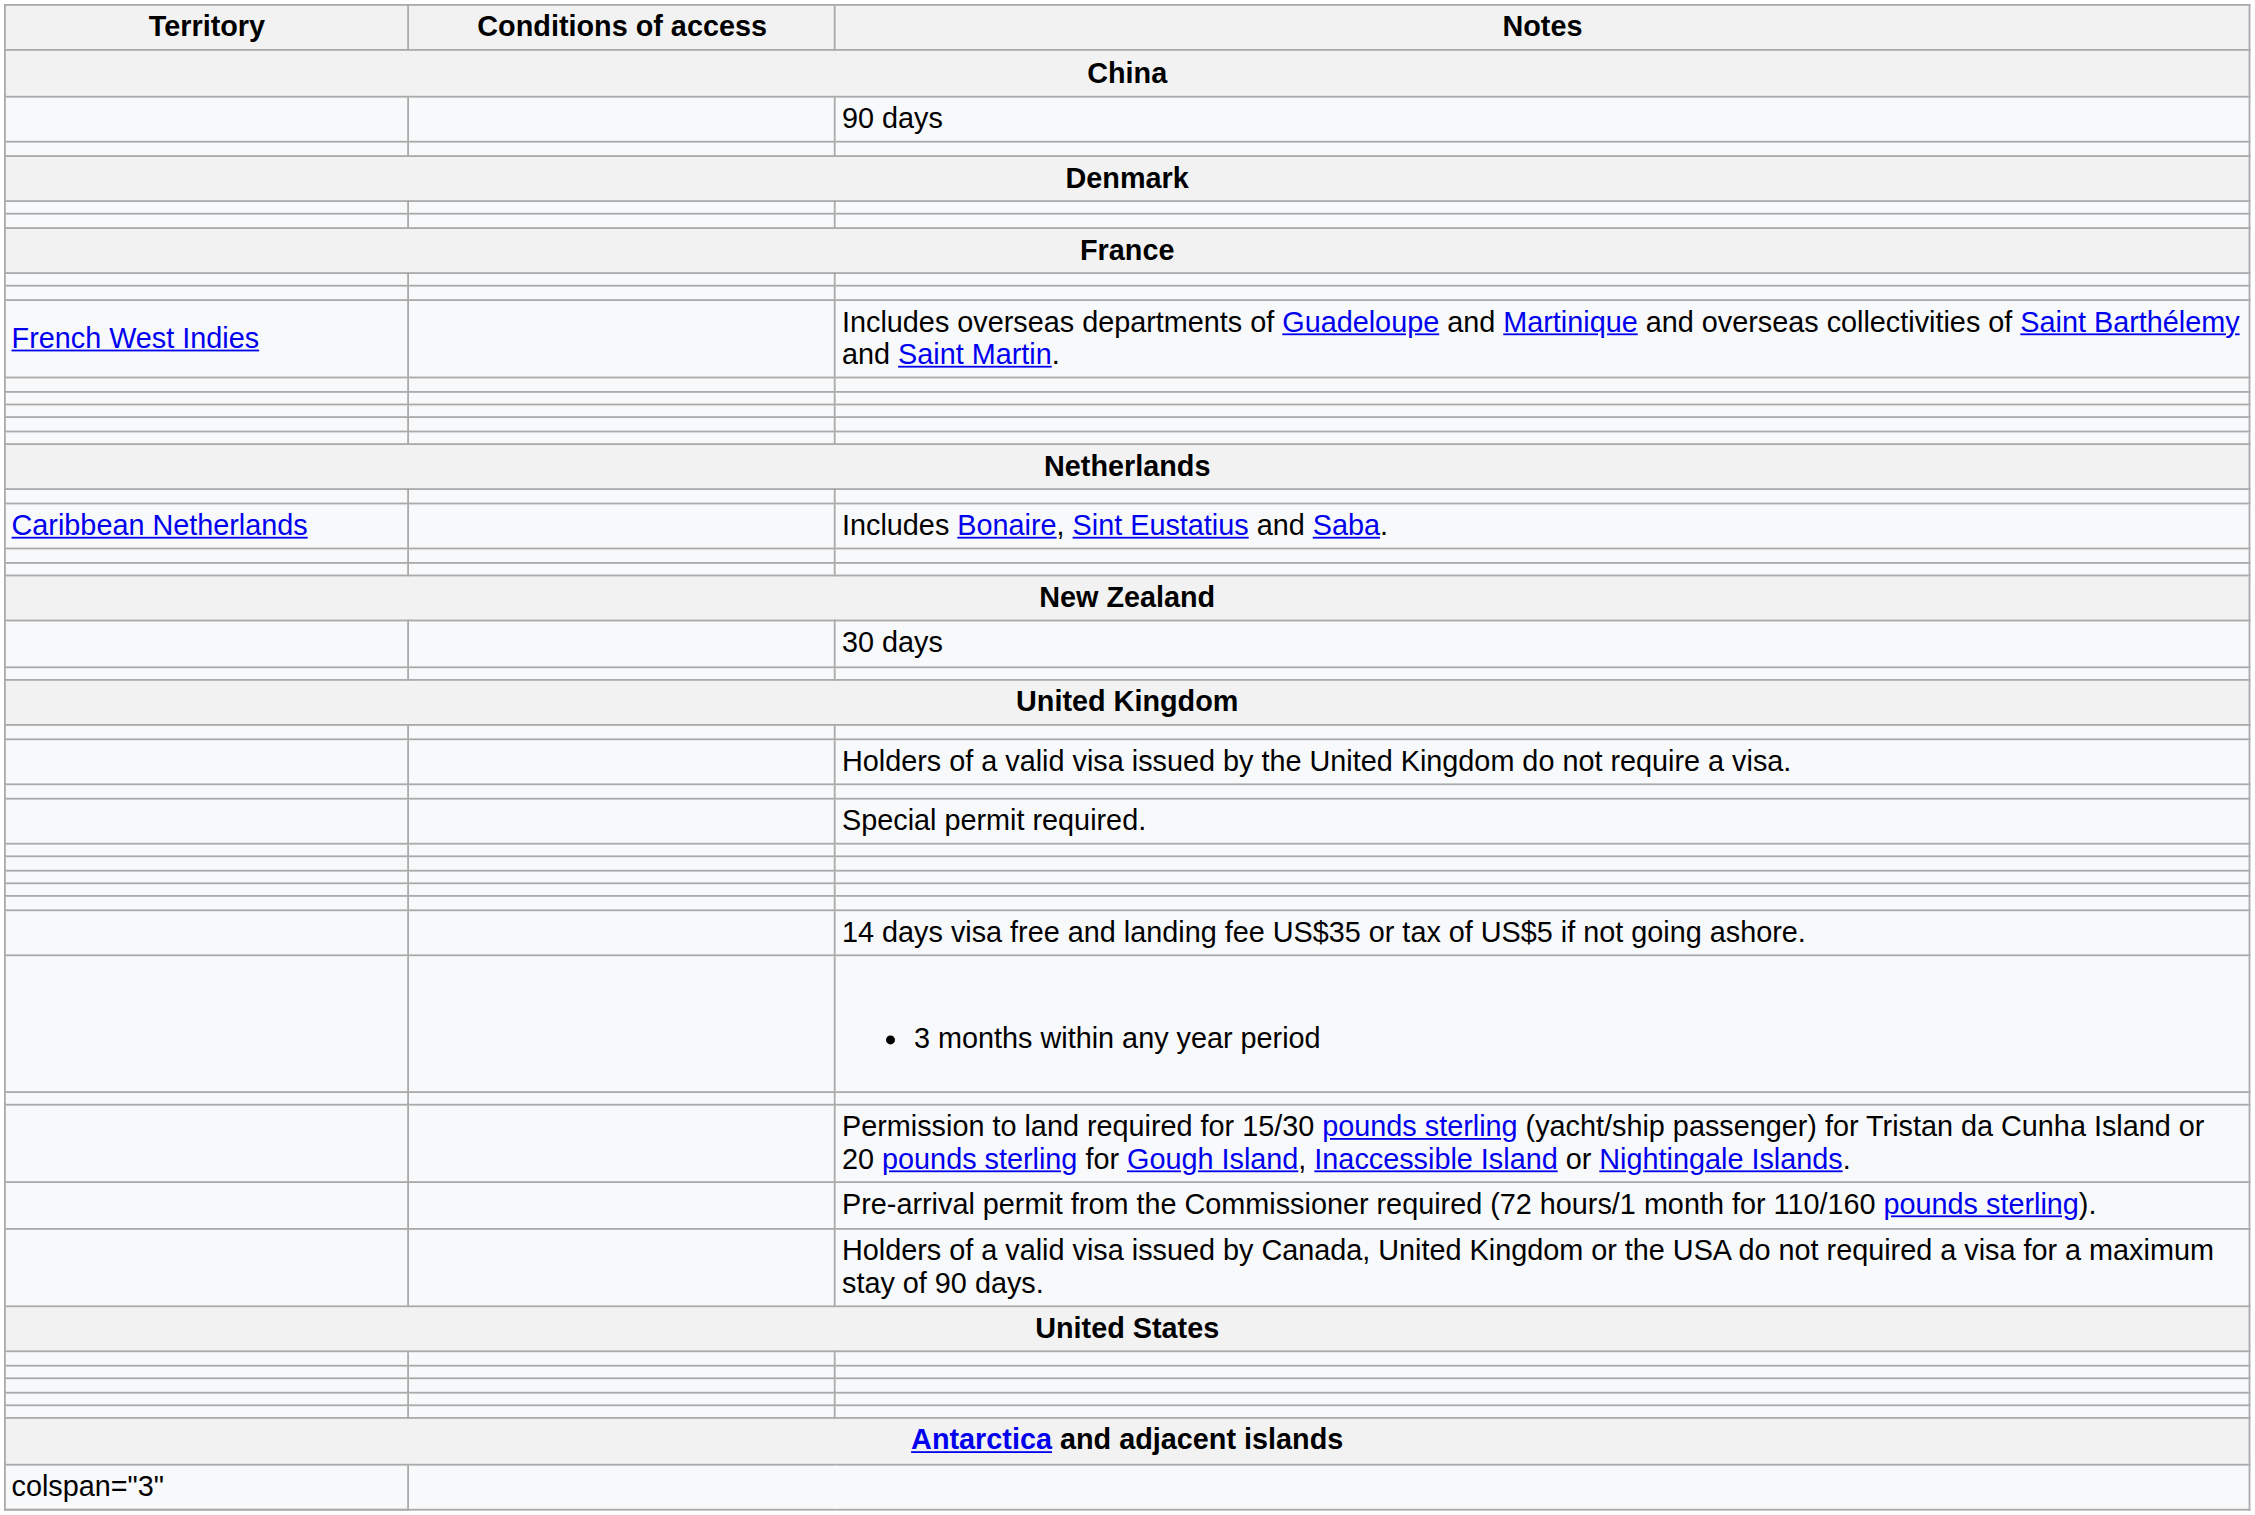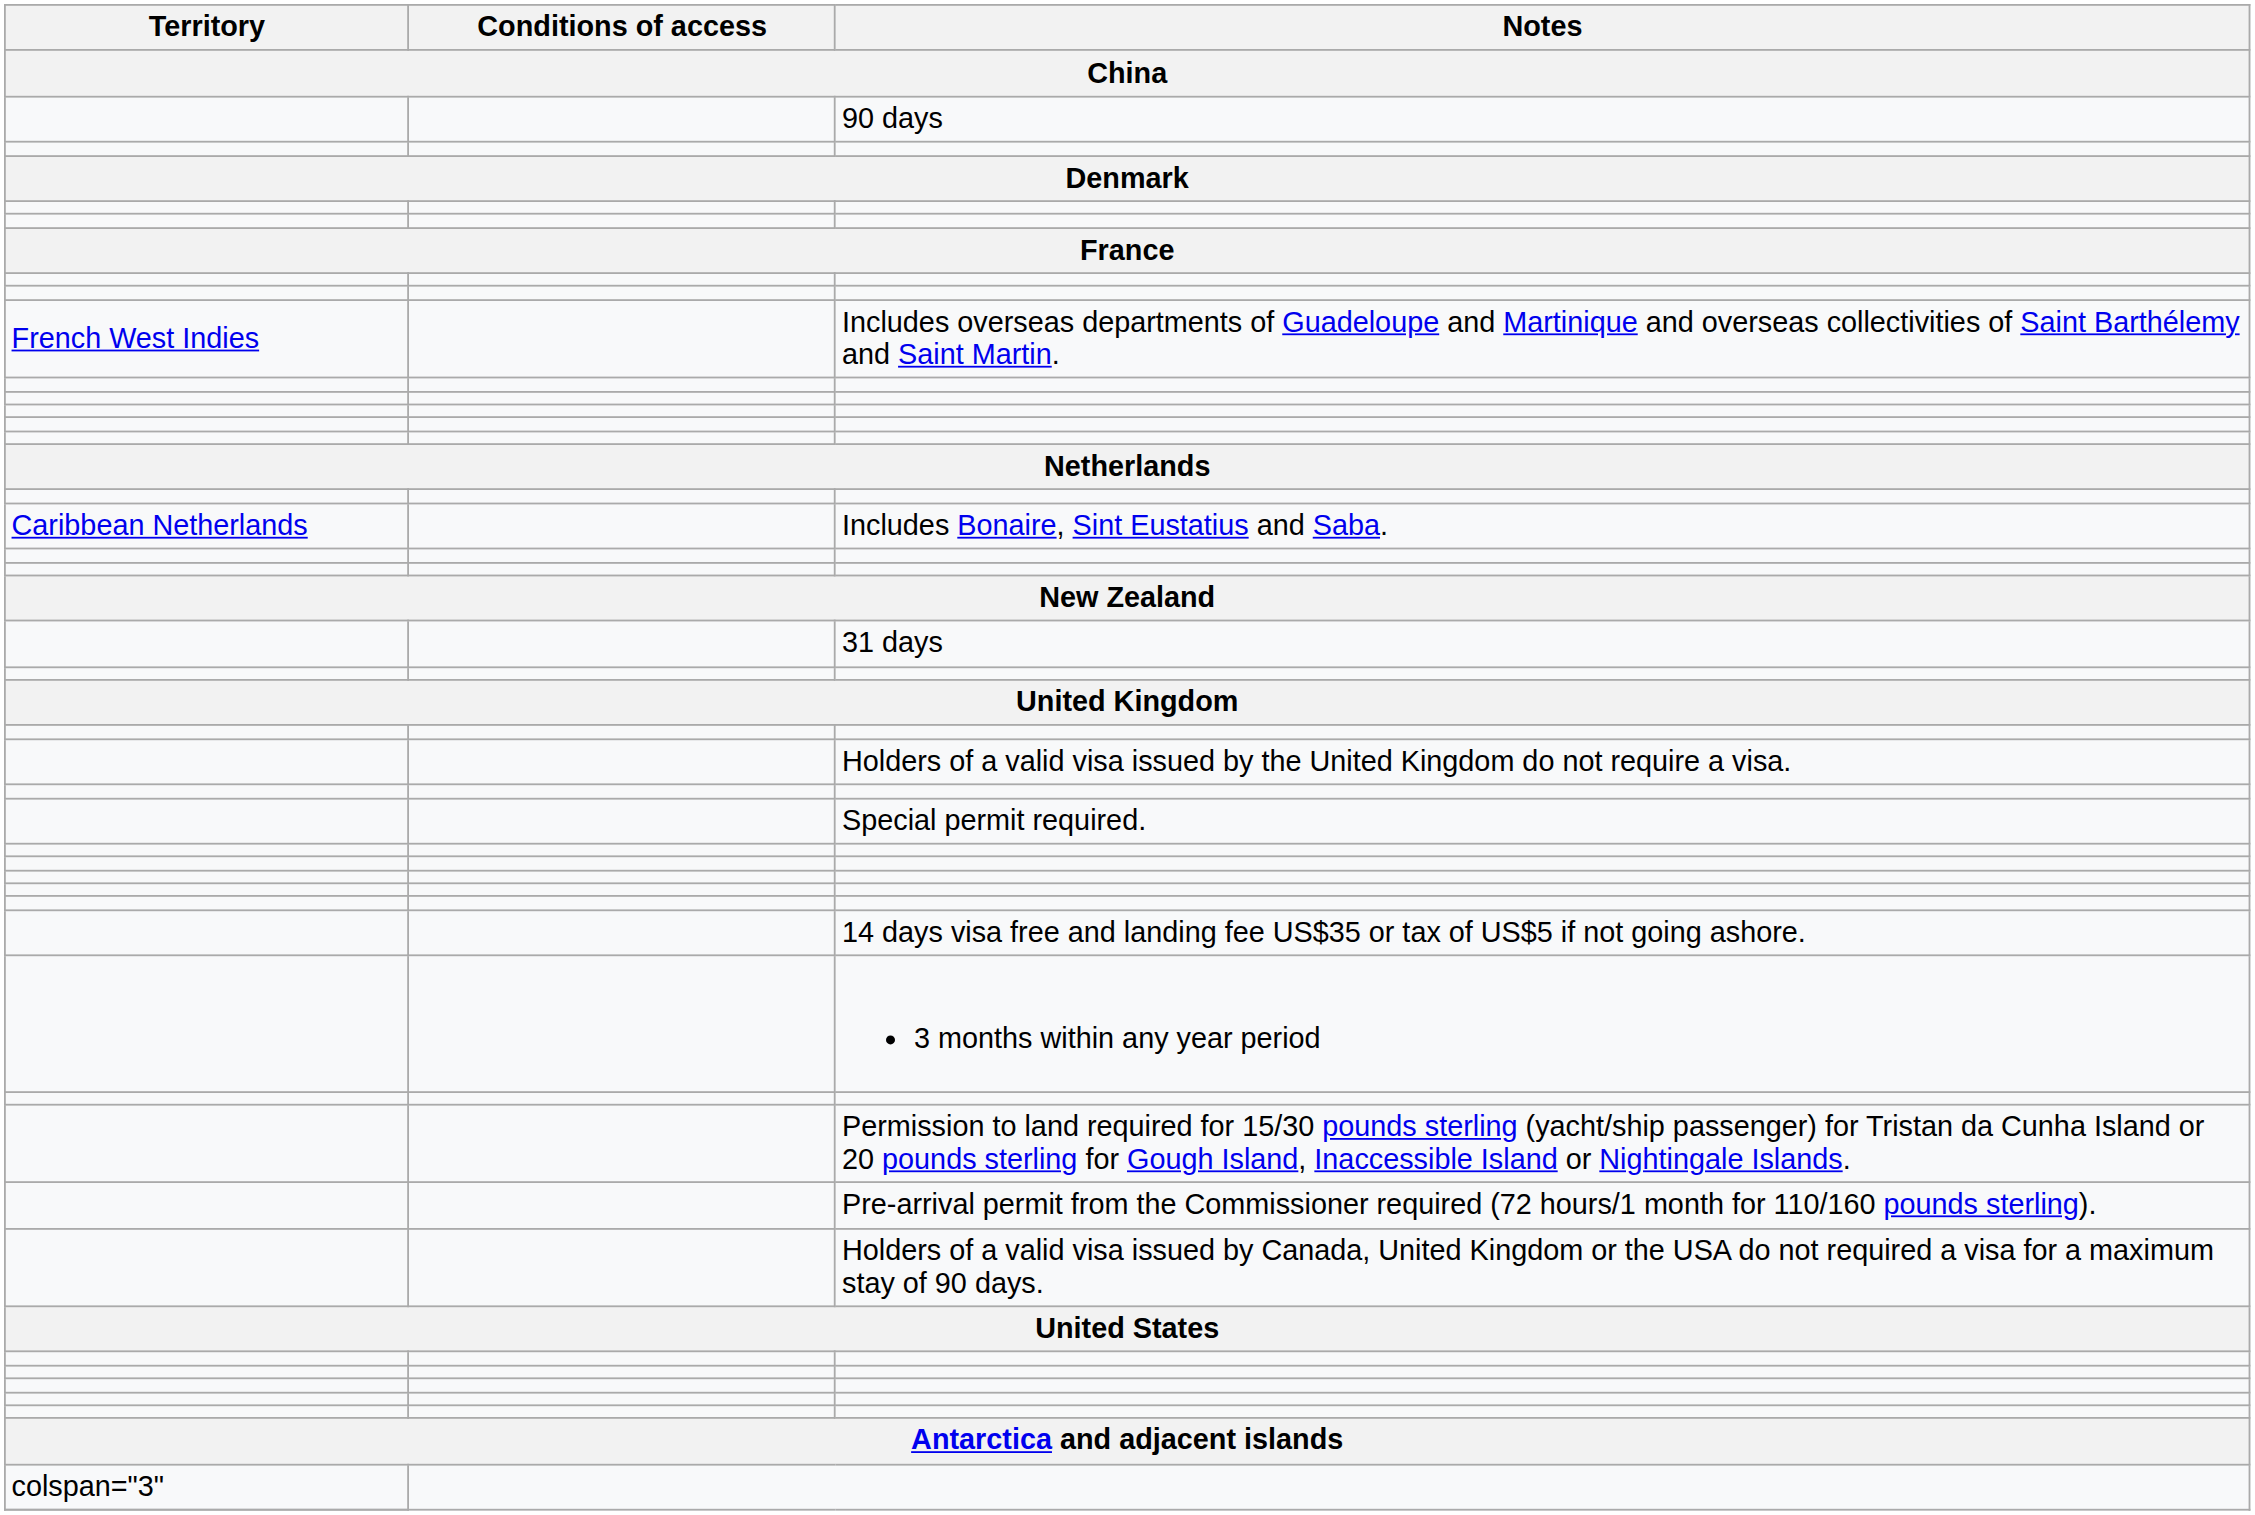 <table class="wikitable sortable sticky-header mw-datatable" style="text-align: left; table-layout: fixed;background:#f8f9faff; ">
 <tr>
 <th width="18%">Territory</th>
 <th width="19%">Conditions of access</th>
 <th>Notes</th>
 </tr>
 <tr>
 <th colspan="3">China</th>
 </tr>
 <tr>
 <td></td>
 <td></td>
 <td>90 days</td>
 </tr>
 <tr>
 <td></td>
 <td></td>
 <td></td>
 </tr>
 <tr>
 <th colspan="3">Denmark</th>
 </tr>
 <tr>
 <td></td>
 <td></td>
 <td></td>
 </tr>
 <tr>
 <td></td>
 <td></td>
 <td></td>
 </tr>
 <tr>
 <th colspan="3">France</th>
 </tr>
 <tr>
 <td></td>
 <td></td>
 <td></td>
 </tr>
 <tr>
 <td></td>
 <td></td>
 <td></td>
 </tr>
 <tr>
 <td> <a href='#'>French West Indies</a></td>
 <td></td>
 <td>Includes overseas departments of <a href='#'>Guadeloupe</a> and <a href='#'>Martinique</a> and overseas collectivities of <a href='#'>Saint Barthélemy</a> and <a href='#'>Saint Martin</a>.</td>
 </tr>
 <tr>
 <td></td>
 <td></td>
 <td></td>
 </tr>
 <tr>
 <td></td>
 <td></td>
 <td></td>
 </tr>
 <tr>
 <td></td>
 <td></td>
 <td></td>
 </tr>
 <tr>
 <td></td>
 <td></td>
 <td></td>
 </tr>
 <tr>
 <td></td>
 <td></td>
 <td></td>
 </tr>
 <tr>
 <th colspan="3">Netherlands</th>
 </tr>
 <tr>
 <td></td>
 <td></td>
 <td></td>
 </tr>
 <tr>
 <td> <a href='#'>Caribbean Netherlands</a></td>
 <td></td>
 <td>Includes <a href='#'>Bonaire</a>, <a href='#'>Sint Eustatius</a> and <a href='#'>Saba</a>.</td>
 </tr>
 <tr>
 <td></td>
 <td></td>
 <td></td>
 </tr>
 <tr>
 <td></td>
 <td></td>
 <td></td>
 </tr>
 <tr>
 <th colspan="3">New Zealand</th>
 </tr>
 <tr>
 <td></td>
 <td></td>
-<td>30 days</td>
+<td>31 days</td>
 </tr>
 <tr>
 <td></td>
 <td></td>
 <td></td>
 </tr>
 <tr>
 <th colspan="3">United Kingdom</th>
 </tr>
 <tr>
 <td></td>
 <td></td>
 <td></td>
 </tr>
 <tr>
 <td></td>
 <td></td>
 <td>Holders of a valid visa issued by the United Kingdom do not require a visa.</td>
 </tr>
 <tr>
 <td></td>
 <td></td>
 <td></td>
 </tr>
 <tr>
 <td></td>
 <td></td>
 <td>Special permit required.</td>
 </tr>
 <tr>
 <td></td>
 <td></td>
 <td></td>
 </tr>
 <tr>
 <td></td>
 <td></td>
 <td></td>
 </tr>
 <tr>
 <td></td>
 <td></td>
 <td></td>
 </tr>
 <tr>
 <td></td>
 <td></td>
 <td></td>
 </tr>
 <tr>
 <td></td>
 <td></td>
 <td></td>
 </tr>
 <tr>
 <td></td>
 <td></td>
 <td>14 days visa free and landing fee US$35 or tax of US$5 if not going ashore.</td>
 </tr>
 <tr>
 <td></td>
 <td></td>
 <td><br><ul><li>3 months within any year period</li></ul></td>
 </tr>
 <tr>
 <td></td>
 <td></td>
 <td></td>
 </tr>
 <tr>
 <td></td>
 <td></td>
 <td>Permission to land required for 15/30 <a href='#'>pounds sterling</a> (yacht/ship passenger) for Tristan da Cunha Island or 20 <a href='#'>pounds sterling</a> for <a href='#'>Gough Island</a>, <a href='#'>Inaccessible Island</a> or <a href='#'>Nightingale Islands</a>.</td>
 </tr>
 <tr>
 <td></td>
 <td></td>
 <td>Pre-arrival permit from the Commissioner required (72 hours/1 month for 110/160 <a href='#'>pounds sterling</a>).</td>
 </tr>
 <tr>
 <td></td>
 <td></td>
 <td>Holders of a valid visa issued by Canada, United Kingdom or the USA do not required a visa for a maximum stay of 90 days.</td>
 </tr>
 <tr>
 <th colspan="3">United States</th>
 </tr>
 <tr>
 <td></td>
 <td></td>
 <td></td>
 </tr>
 <tr>
 <td></td>
 <td></td>
 <td></td>
 </tr>
 <tr>
 <td></td>
 <td></td>
 <td></td>
 </tr>
 <tr>
 <td></td>
 <td></td>
 <td></td>
 </tr>
 <tr>
 <td></td>
 <td></td>
 <td></td>
 </tr>
 <tr>
 <th colspan="3"><a href='#'>Antarctica</a> and adjacent islands</th>
 </tr>
 <tr>
 <td>colspan="3" </td>
 </tr>
 <tr>
 </tr>
 </table>
